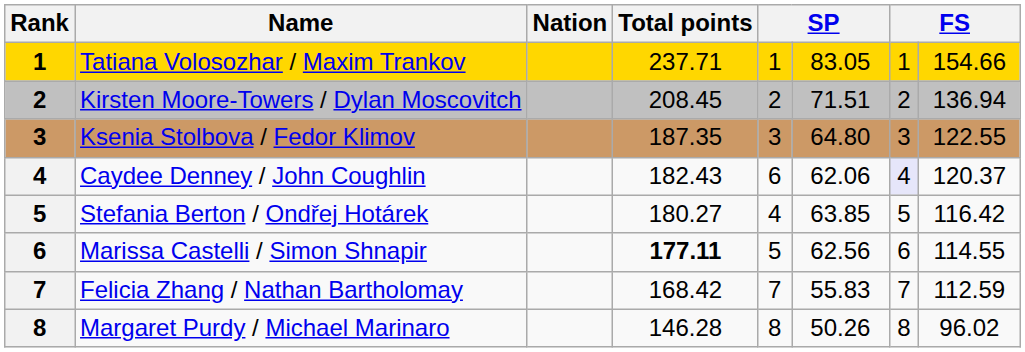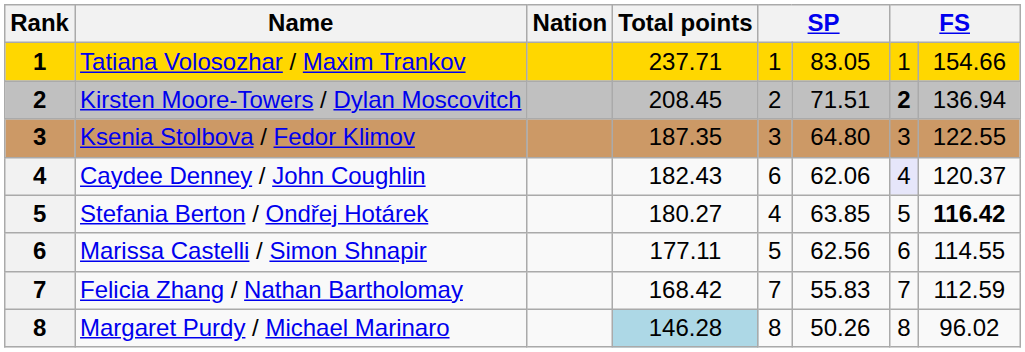 <table class="wikitable sortable">
 <tr>
 <th>Rank</th>
 <th>Name</th>
 <th>Nation</th>
 <th>Total points</th>
 <th colspan="2" style="width:80px;"><a href='#'>SP</a></th>
 <th colspan="2" style="width:80px;"><a href='#'>FS</a></th>
 </tr>
 <tr style="background:gold;">
 <td style="text-align:center;"><strong>1</strong></td>
 <td><a href='#'>Tatiana Volosozhar</a> / <a href='#'>Maxim Trankov</a></td>
 <td></td>
 <td style="text-align:center;">237.71</td>
 <td style="text-align:center;">1</td>
 <td style="text-align:center;">83.05</td>
 <td style="text-align:center;">1</td>
 <td style="text-align:center;">154.66</td>
 </tr>
 <tr style="background:silver;">
 <td style="text-align:center;"><strong>2</strong></td>
 <td><a href='#'>Kirsten Moore-Towers</a> / <a href='#'>Dylan Moscovitch</a></td>
 <td></td>
 <td style="text-align:center;">208.45</td>
 <td style="text-align:center;">2</td>
 <td style="text-align:center;">71.51</td>
-<td style="text-align:center;">2</td>
+<td style="text-align:center;"><strong>2</strong></td>
 <td style="text-align:center;">136.94</td>
 </tr>
 <tr style="background:#c96;">
 <td style="text-align:center;"><strong>3</strong></td>
 <td><a href='#'>Ksenia Stolbova</a> / <a href='#'>Fedor Klimov</a></td>
 <td></td>
 <td style="text-align:center;">187.35</td>
 <td style="text-align:center;">3</td>
 <td style="text-align:center;">64.80</td>
 <td style="text-align:center;">3</td>
 <td style="text-align:center;">122.55</td>
 </tr>
 <tr>
 <th>4</th>
 <td><a href='#'>Caydee Denney</a> / <a href='#'>John Coughlin</a></td>
 <td></td>
 <td style="text-align:center;">182.43</td>
 <td style="text-align:center;">6</td>
 <td style="text-align:center;">62.06</td>
 <td style="background: lavender; text-align:center;">4</td>
 <td style="text-align:center;">120.37</td>
 </tr>
 <tr>
 <th>5</th>
 <td><a href='#'>Stefania Berton</a> / <a href='#'>Ondřej Hotárek</a></td>
 <td></td>
 <td style="text-align:center;">180.27</td>
 <td style="text-align:center;">4</td>
 <td style="text-align:center;">63.85</td>
 <td style="text-align:center;">5</td>
-<td style="text-align:center;">116.42</td>
+<td style="text-align:center;"><strong>116.42</strong></td>
 </tr>
 <tr>
 <th>6</th>
 <td><a href='#'>Marissa Castelli</a> / <a href='#'>Simon Shnapir</a></td>
 <td></td>
-<td style="text-align:center;"><strong>177.11</strong></td>
+<td style="text-align:center;">177.11</td>
 <td style="text-align:center;">5</td>
 <td style="text-align:center;">62.56</td>
 <td style="text-align:center;">6</td>
 <td style="text-align:center;">114.55</td>
 </tr>
 <tr>
 <th>7</th>
 <td><a href='#'>Felicia Zhang</a> / <a href='#'>Nathan Bartholomay</a></td>
 <td></td>
 <td style="text-align:center;">168.42</td>
 <td style="text-align:center;">7</td>
 <td style="text-align:center;">55.83</td>
 <td style="text-align:center;">7</td>
 <td style="text-align:center;">112.59</td>
 </tr>
 <tr>
 <th>8</th>
 <td><a href='#'>Margaret Purdy</a> / <a href='#'>Michael Marinaro</a></td>
 <td></td>
-<td style="text-align:center;">146.28</td>
+<td style="background: lightblue; text-align:center;">146.28</td>
 <td style="text-align:center;">8</td>
 <td style="text-align:center;">50.26</td>
 <td style="text-align:center;">8</td>
 <td style="text-align:center;">96.02</td>
 </tr>
 </table>
